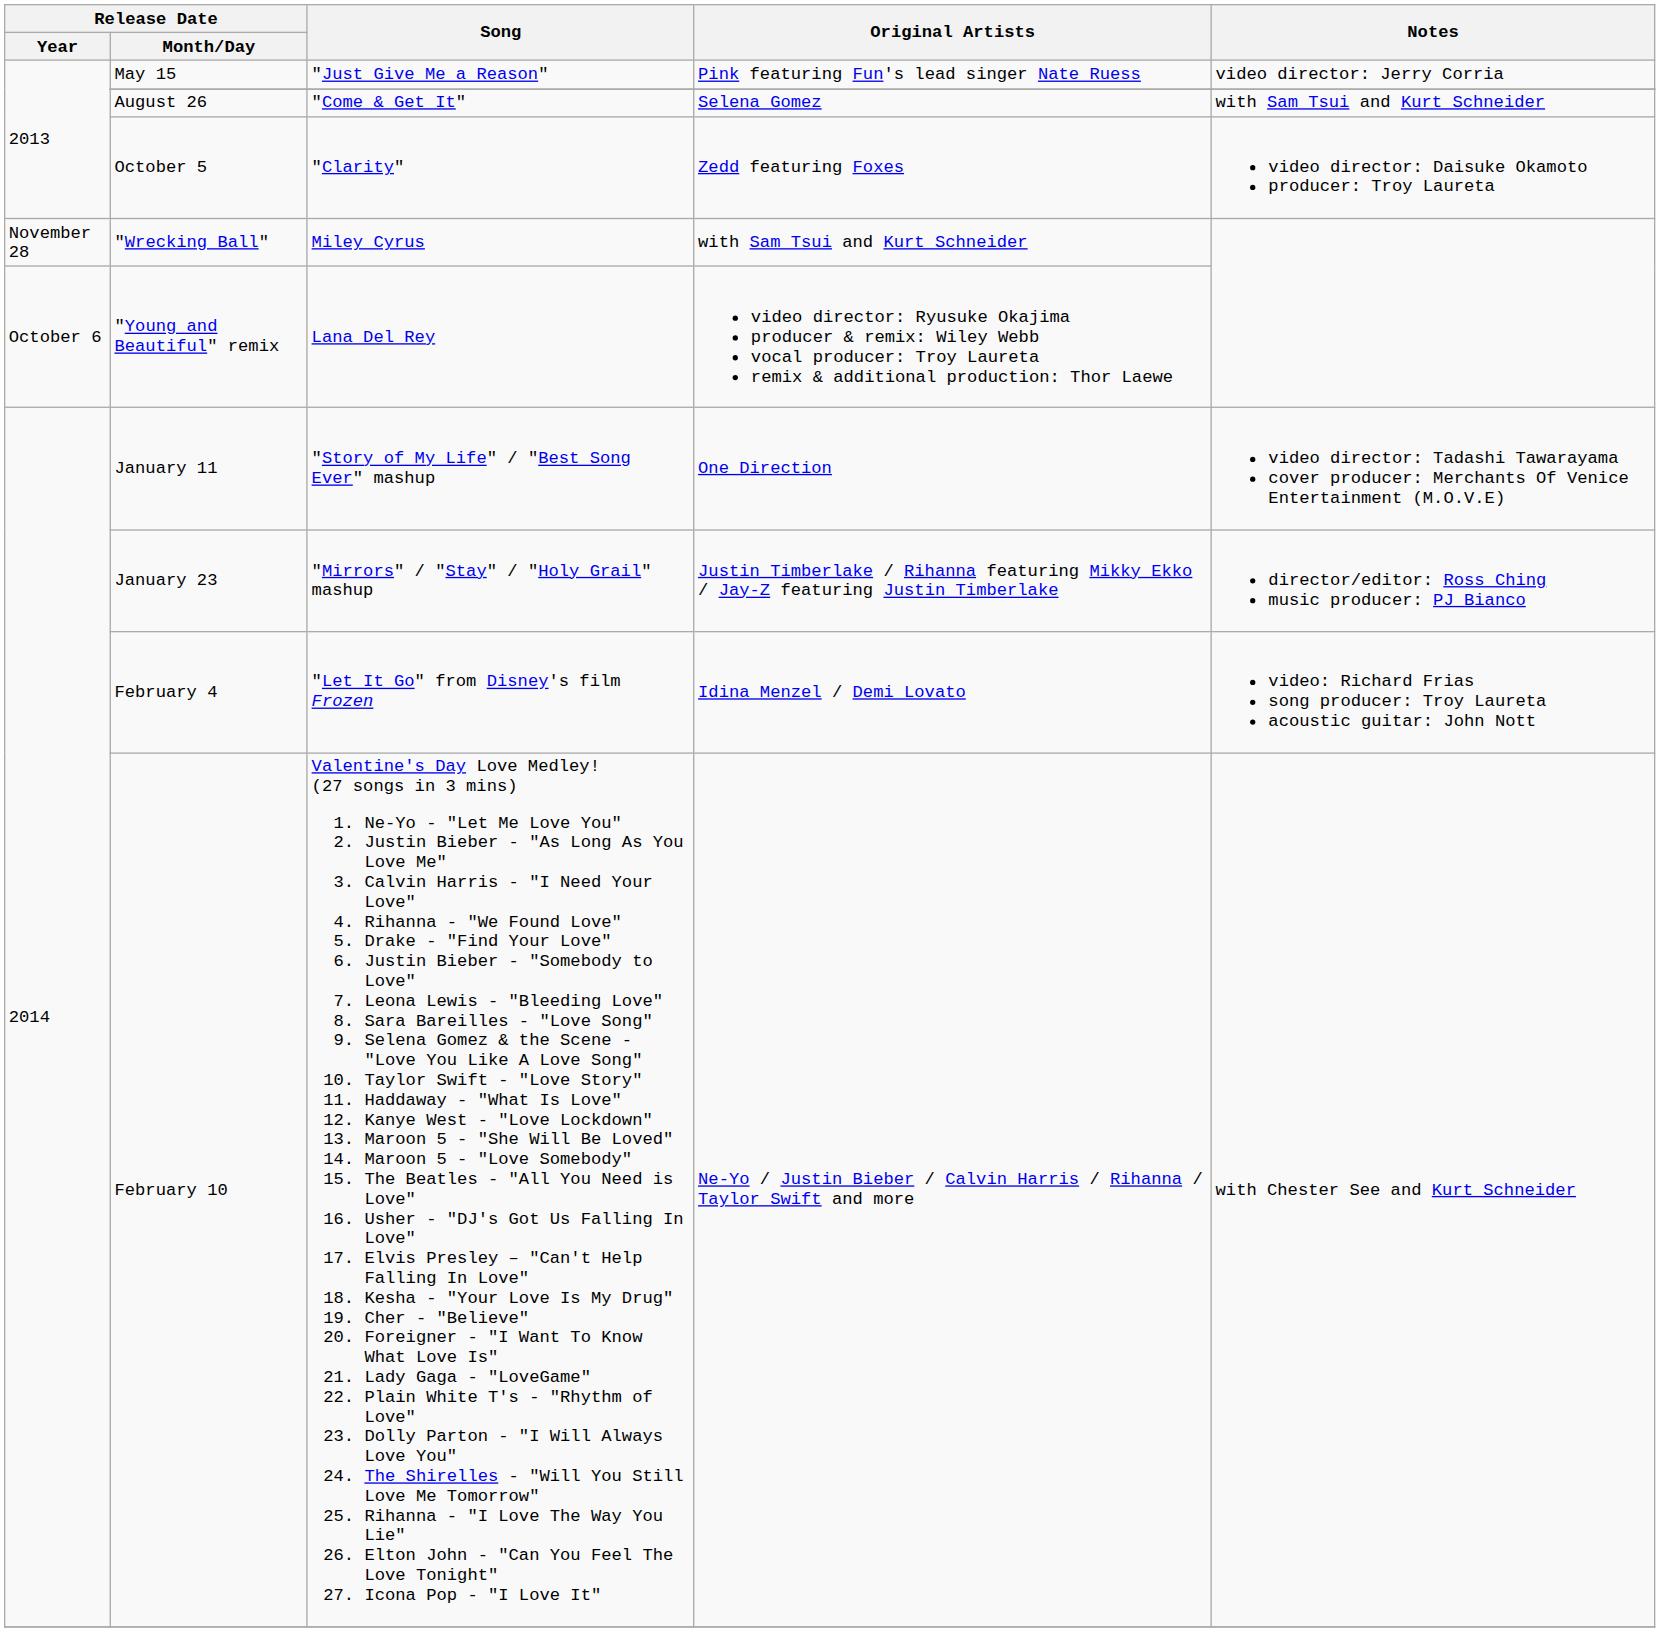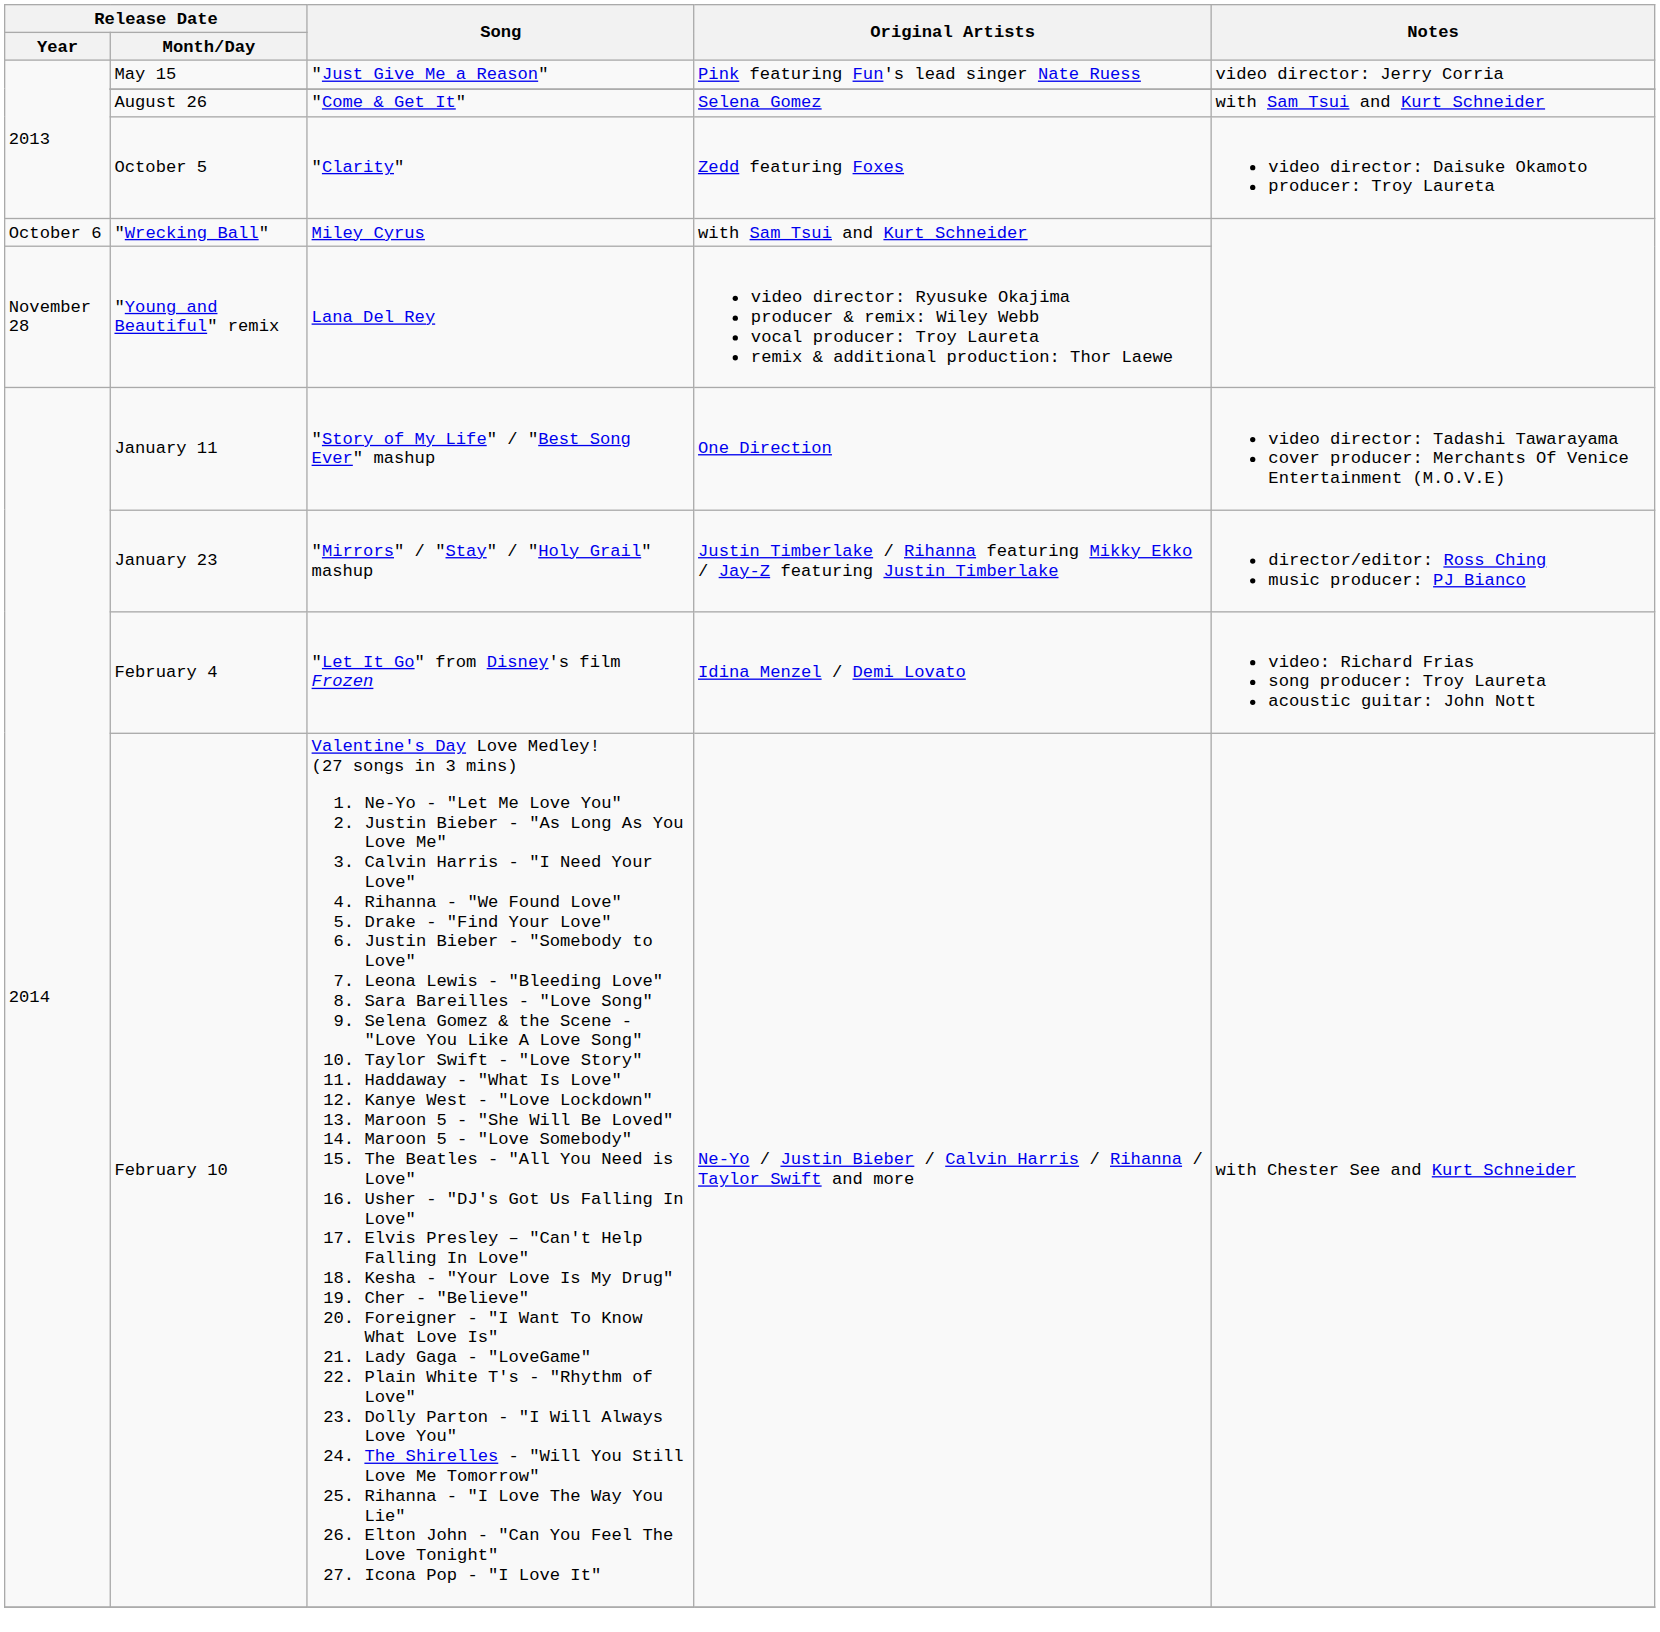 <table class="wikitable">
 <tr>
 <th colspan="2">Release Date</th>
 <th rowspan="2">Song</th>
 <th rowspan="2">Original Artists</th>
 <th rowspan="2">Notes</th>
 </tr>
 <tr>
 <th>Year</th>
 <th>Month/Day</th>
 </tr>
 <tr>
 <td rowspan="5">2013</td>
 <td>May 15</td>
 <td>"<a href='#'>Just Give Me a Reason</a>"</td>
 <td><a href='#'>Pink</a> featuring <a href='#'>Fun</a>'s lead singer <a href='#'>Nate Ruess</a></td>
 <td>video director: Jerry Corria</td>
 </tr>
 <tr>
 </tr>
 <tr>
 </tr>
 <tr>
 <td>August 26</td>
 <td>"<a href='#'>Come & Get It</a>"</td>
 <td><a href='#'>Selena Gomez</a></td>
 <td>with <a href='#'>Sam Tsui</a> and <a href='#'>Kurt Schneider</a></td>
 </tr>
 <tr>
 <td>October 5</td>
 <td>"<a href='#'>Clarity</a>"</td>
 <td><a href='#'>Zedd</a> featuring <a href='#'>Foxes</a></td>
 <td><br><ul><li>video director: Daisuke Okamoto</li><li>producer: Troy Laureta</li></ul></td>
 </tr>
 <tr>
-<td>November 28</td>
+<td>October 6</td>
 <td>"<a href='#'>Wrecking Ball</a>"</td>
 <td><a href='#'>Miley Cyrus</a></td>
 <td>with <a href='#'>Sam Tsui</a> and <a href='#'>Kurt Schneider</a></td>
 </tr>
 <tr>
-<td>October 6</td>
+<td>November 28</td>
 <td>"<a href='#'>Young and Beautiful</a>" remix</td>
 <td><a href='#'>Lana Del Rey</a></td>
 <td><br><ul><li>video director: Ryusuke Okajima</li><li>producer & remix: Wiley Webb</li><li>vocal producer: Troy Laureta</li><li>remix & additional production: Thor Laewe</li></ul></td>
 </tr>
 <tr>
 <td rowspan="4">2014</td>
 <td>January 11</td>
 <td>"<a href='#'>Story of My Life</a>" / "<a href='#'>Best Song Ever</a>" mashup</td>
 <td><a href='#'>One Direction</a></td>
 <td><br><ul><li>video director: Tadashi Tawarayama</li><li>cover producer: Merchants Of Venice Entertainment (M.O.V.E)</li></ul></td>
 </tr>
 <tr>
 <td>January 23</td>
 <td>"<a href='#'>Mirrors</a>" / "<a href='#'>Stay</a>" / "<a href='#'>Holy Grail</a>" mashup</td>
 <td><a href='#'>Justin Timberlake</a> / <a href='#'>Rihanna</a> featuring <a href='#'>Mikky Ekko</a> / <a href='#'>Jay-Z</a> featuring <a href='#'>Justin Timberlake</a></td>
 <td><br><ul><li>director/editor: <a href='#'>Ross Ching</a></li><li>music producer: <a href='#'>PJ Bianco</a></li></ul></td>
 </tr>
 <tr>
 <td>February 4</td>
 <td>"<a href='#'>Let It Go</a>" from <a href='#'>Disney</a>'s film <em><a href='#'>Frozen</a></em></td>
 <td><a href='#'>Idina Menzel</a> / <a href='#'>Demi Lovato</a></td>
 <td><br><ul><li>video: Richard Frias</li><li>song producer: Troy Laureta</li><li>acoustic guitar: John Nott</li></ul></td>
 </tr>
 <tr>
 <td>February 10</td>
 <td><a href='#'>Valentine's Day</a> Love Medley!<br>(27 songs in 3 mins)<ol><li>Ne-Yo - "Let Me Love You"</li><li>Justin Bieber - "As Long As You Love Me"</li><li>Calvin Harris - "I Need Your Love"</li><li>Rihanna - "We Found Love"</li><li>Drake - "Find Your Love"</li><li>Justin Bieber - "Somebody to Love"</li><li>Leona Lewis - "Bleeding Love"</li><li>Sara Bareilles - "Love Song"</li><li>Selena Gomez & the Scene - "Love You Like A Love Song"</li><li>Taylor Swift - "Love Story"</li><li>Haddaway - "What Is Love"</li><li>Kanye West - "Love Lockdown"</li><li>Maroon 5 - "She Will Be Loved"</li><li>Maroon 5 - "Love Somebody"</li><li>The Beatles - "All You Need is Love"</li><li>Usher - "DJ's Got Us Falling In Love"</li><li>Elvis Presley – "Can't Help Falling In Love"</li><li>Kesha - "Your Love Is My Drug"</li><li>Cher - "Believe"</li><li>Foreigner - "I Want To Know What Love Is"</li><li>Lady Gaga - "LoveGame"</li><li>Plain White T's - "Rhythm of Love"</li><li>Dolly Parton - "I Will Always Love You"</li><li><a href='#'>The Shirelles</a> - "Will You Still Love Me Tomorrow"</li><li>Rihanna - "I Love The Way You Lie"</li><li>Elton John - "Can You Feel The Love Tonight"</li><li>Icona Pop - "I Love It"</li></ol></td>
 <td><a href='#'>Ne-Yo</a> / <a href='#'>Justin Bieber</a> / <a href='#'>Calvin Harris</a> / <a href='#'>Rihanna</a> / <a href='#'>Taylor Swift</a> and more</td>
 <td>with Chester See and <a href='#'>Kurt Schneider</a></td>
 </tr>
 <tr>
 </tr>
 </table>
